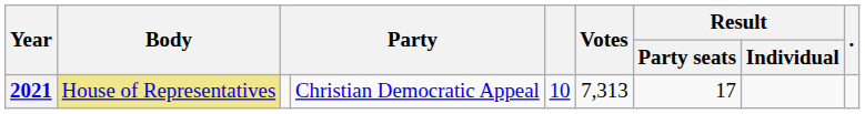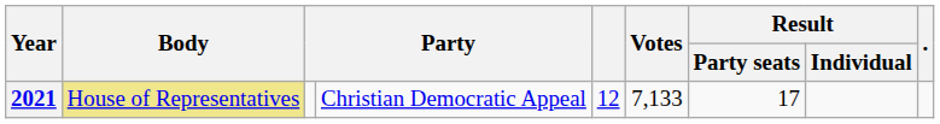 <table class="wikitable plainrowheaders sortable" border=2 cellpadding=4 cellspacing=0 style="border: 1px #aaa solid; font-size: 90%; text-align:center;">
 <tr>
 <th scope="col" rowspan=2>Year</th>
 <th scope="col" rowspan=2>Body</th>
 <th scope="col" colspan=2 rowspan=2>Party</th>
 <th scope="col" rowspan=2></th>
 <th scope="col" rowspan=2>Votes</th>
 <th scope="colgroup" colspan=2>Result</th>
 <th scope="col" rowspan=2 class="unsortable">.</th>
 </tr>
 <tr>
 <th scope="col">Party seats</th>
 <th scope="col">Individual</th>
 </tr>
 <tr>
 <th scope="row"><a href='#'>2021</a></th>
 <td style="background: khaki;"><a href='#'>House of Representatives</a></td>
 <td style="background-color:"></td>
 <td><a href='#'>Christian Democratic Appeal</a></td>
-<td style=text-align:right><a href='#'>10</a></td>
-<td style=text-align:right>7,313</td>
+<td style=text-align:right><a href='#'>12</a></td>
+<td style=text-align:right>7,133</td>
 <td style=text-align:right>17</td>
 <td></td>
 <td></td>
 </tr>
 </table>
